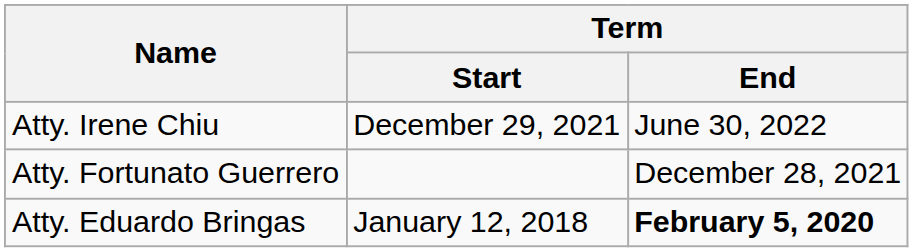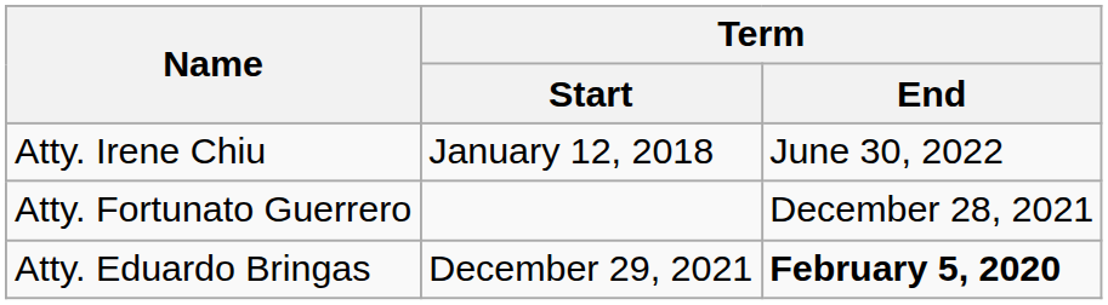 <table class="wikitable sortable">
 <tr>
 <th rowspan="2">Name</th>
 <th colspan="2">Term</th>
 </tr>
 <tr>
 <th>Start</th>
 <th>End</th>
 </tr>
 <tr>
 <td>Atty. Irene Chiu</td>
-<td>December 29, 2021</td>
+<td>January 12, 2018</td>
 <td>June 30, 2022</td>
 </tr>
 <tr>
 <td>Atty. Fortunato Guerrero</td>
 <td></td>
 <td>December 28, 2021</td>
 </tr>
 <tr>
 <td>Atty. Eduardo Bringas</td>
-<td>January 12, 2018</td>
+<td>December 29, 2021</td>
 <td><strong>February 5, 2020</strong></td>
 </tr>
 </table>
